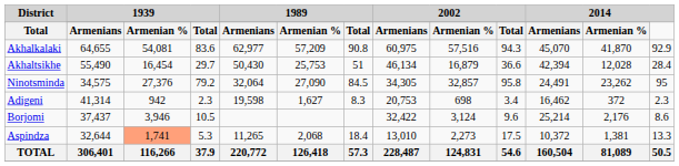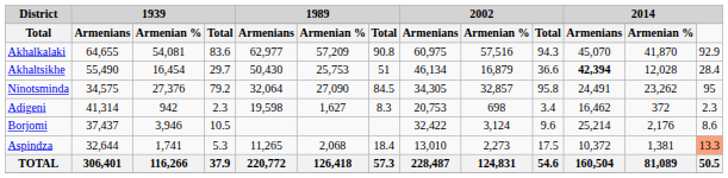 <table class="wikitable">
 <tr bgcolor="#D3D3D3">
 <td rowspan="2" style="text-align:center;"><strong>District</strong></td>
 <td colspan="3" style="text-align:center;"><strong>1939</strong></td>
 <td colspan="3" style="text-align:center;"><strong>1989</strong></td>
 <td colspan="3" style="text-align:center;"><strong>2002</strong></td>
 <td colspan="3" style="text-align:center;"><strong>2014</strong></td>
 </tr>
 <tr>
 </tr>
 <tr bgcolor="#D3D3D3">
 <th>Total</th>
 <th>Armenians</th>
 <th>Armenian %</th>
 <th>Total</th>
 <th>Armenians</th>
 <th>Armenian %</th>
 <th>Total</th>
 <th>Armenians</th>
 <th>Armenian %</th>
 <th>Total</th>
 <th>Armenians</th>
 <th>Armenian %</th>
 </tr>
 <tr>
 <td><a href='#'>Akhalkalaki</a></td>
 <td style="text-align:center;">64,655</td>
 <td style="text-align:center;">54,081</td>
 <td style="text-align:center;">83.6</td>
 <td style="text-align:center;">62,977</td>
 <td style="text-align:center;">57,209</td>
 <td style="text-align:center;">90.8</td>
 <td style="text-align:center;">60,975</td>
 <td style="text-align:center;">57,516</td>
 <td style="text-align:center;">94.3</td>
 <td style="text-align:center;">45,070</td>
 <td style="text-align:center;">41,870</td>
 <td style="text-align:center;">92.9</td>
 </tr>
 <tr>
 <td><a href='#'>Akhaltsikhe</a></td>
 <td style="text-align:center;">55,490</td>
 <td style="text-align:center;">16,454</td>
 <td style="text-align:center;">29.7</td>
 <td style="text-align:center;">50,430</td>
 <td style="text-align:center;">25,753</td>
 <td style="text-align:center;">51</td>
 <td style="text-align:center;">46,134</td>
 <td style="text-align:center;">16,879</td>
 <td style="text-align:center;">36.6</td>
-<td style="text-align:center;">42,394</td>
+<td style="text-align:center;"><strong>42,394</strong></td>
 <td style="text-align:center;">12,028</td>
 <td style="text-align:center;">28.4</td>
 </tr>
 <tr>
 <td><a href='#'>Ninotsminda</a></td>
 <td style="text-align:center;">34,575</td>
 <td style="text-align:center;">27,376</td>
 <td style="text-align:center;">79.2</td>
 <td style="text-align:center;">32,064</td>
 <td style="text-align:center;">27,090</td>
 <td style="text-align:center;">84.5</td>
 <td style="text-align:center;">34,305</td>
 <td style="text-align:center;">32,857</td>
 <td style="text-align:center;">95.8</td>
 <td style="text-align:center;">24,491</td>
 <td style="text-align:center;">23,262</td>
 <td style="text-align:center;">95</td>
 </tr>
 <tr>
 <td><a href='#'>Adigeni</a></td>
 <td style="text-align:center;">41,314</td>
 <td style="text-align:center;">942</td>
 <td style="text-align:center;">2.3</td>
 <td style="text-align:center;">19,598</td>
 <td style="text-align:center;">1,627</td>
 <td style="text-align:center;">8.3</td>
 <td style="text-align:center;">20,753</td>
 <td style="text-align:center;">698</td>
 <td style="text-align:center;">3.4</td>
 <td style="text-align:center;">16,462</td>
 <td style="text-align:center;">372</td>
 <td style="text-align:center;">2.3</td>
 </tr>
 <tr>
 <td><a href='#'>Borjomi</a></td>
 <td style="text-align:center;">37,437</td>
 <td style="text-align:center;">3,946</td>
 <td style="text-align:center;">10.5</td>
 <td></td>
 <td></td>
 <td></td>
 <td style="text-align:center;">32,422</td>
 <td style="text-align:center;">3,124</td>
 <td style="text-align:center;">9.6</td>
 <td style="text-align:center;">25,214</td>
 <td style="text-align:center;">2,176</td>
 <td style="text-align:center;">8.6</td>
 </tr>
 <tr>
 <td><a href='#'>Aspindza</a></td>
 <td style="text-align:center;">32,644</td>
-<td style="background: lightsalmon; text-align:center;">1,741</td>
+<td style="text-align:center;">1,741</td>
 <td style="text-align:center;">5.3</td>
 <td style="text-align:center;">11,265</td>
 <td style="text-align:center;">2,068</td>
 <td style="text-align:center;">18.4</td>
 <td style="text-align:center;">13,010</td>
 <td style="text-align:center;">2,273</td>
 <td style="text-align:center;">17.5</td>
 <td style="text-align:center;">10,372</td>
 <td style="text-align:center;">1,381</td>
-<td style="text-align:center;">13.3</td>
+<td style="background: lightsalmon; text-align:center;">13.3</td>
 </tr>
 <tr>
 <th>TOTAL</th>
 <th>306,401</th>
 <th>116,266</th>
 <th>37.9</th>
 <th>220,772</th>
 <th>126,418</th>
 <th>57.3</th>
 <th>228,487</th>
 <th>124,831</th>
 <th>54.6</th>
 <th>160,504</th>
 <th>81,089</th>
 <th>50.5</th>
 </tr>
 <tr>
 </tr>
 </table>
